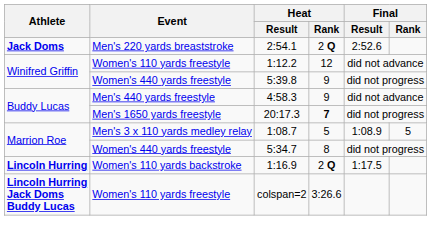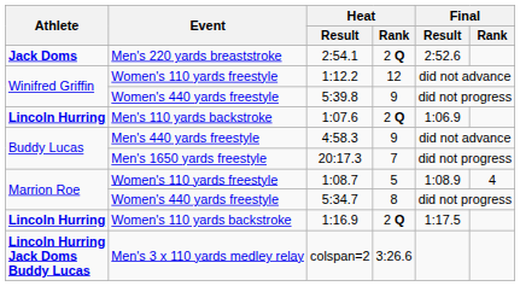 <table class=wikitable style=font-size:90%>
 <tr>
 <th rowspan=2>Athlete</th>
 <th rowspan=2>Event</th>
 <th colspan=2>Heat</th>
 <th colspan=2>Final</th>
 </tr>
 <tr style=font-size:95%>
 <th>Result</th>
 <th>Rank</th>
 <th>Result</th>
 <th>Rank</th>
 </tr>
 <tr align=center>
 <td align=left><strong><a href='#'>Jack Doms</a></strong></td>
 <td align=left><a href='#'>Men's 220 yards breaststroke</a></td>
 <td>2:54.1</td>
 <td>2 <strong>Q</strong></td>
 <td>2:52.6</td>
 <td></td>
 </tr>
 <tr align=center>
 <td align=left rowspan=2><a href='#'>Winifred Griffin</a></td>
 <td align=left><a href='#'>Women's 110 yards freestyle</a></td>
 <td>1:12.2</td>
 <td>12</td>
 <td colspan=2>did not advance</td>
 </tr>
 <tr align=center>
 <td align=left><a href='#'>Women's 440 yards freestyle</a></td>
 <td>5:39.8</td>
 <td>9</td>
 <td colspan=2>did not progress</td>
 </tr>
 <tr align=center>
+<td align=left><strong><a href='#'>Lincoln Hurring</a></strong></td>
+<td align=left><a href='#'>Men's 110 yards backstroke</a></td>
+<td>1:07.6</td>
+<td>2 <strong>Q</strong></td>
+<td>1:06.9</td>
+<td></td>
+</tr>
+<tr align=center>
 <td align=left rowspan=2><a href='#'>Buddy Lucas</a></td>
 <td align=left><a href='#'>Men's 440 yards freestyle</a></td>
 <td>4:58.3</td>
 <td>9</td>
 <td colspan=2>did not advance</td>
 </tr>
 <tr align=center>
 <td align=left><a href='#'>Men's 1650 yards freestyle</a></td>
 <td>20:17.3</td>
-<td><strong>7</strong></td>
+<td>7</td>
 <td colspan=2>did not progress</td>
 </tr>
 <tr align=center>
 <td align=left rowspan=2><a href='#'>Marrion Roe</a></td>
-<td align=left><a href='#'>Men's 3 x 110 yards medley relay</a></td>
+<td align=left><a href='#'>Women's 110 yards freestyle</a></td>
 <td>1:08.7</td>
 <td>5</td>
 <td>1:08.9</td>
-<td>5</td>
+<td>4</td>
 </tr>
 <tr align=center>
 <td align=left><a href='#'>Women's 440 yards freestyle</a></td>
 <td>5:34.7</td>
 <td>8</td>
 <td colspan=2>did not progress</td>
 </tr>
 <tr align=center>
 <td align=left><strong><a href='#'>Lincoln Hurring</a></strong></td>
 <td align=left><a href='#'>Women's 110 yards backstroke</a></td>
 <td>1:16.9</td>
 <td>2 <strong>Q</strong></td>
 <td>1:17.5</td>
 <td></td>
 </tr>
 <tr align=center>
 <td align=left><strong><a href='#'>Lincoln Hurring</a><br><a href='#'>Jack Doms</a><br><a href='#'>Buddy Lucas</a></strong></td>
-<td align=left><a href='#'>Women's 110 yards freestyle</a></td>
+<td align=left><a href='#'>Men's 3 x 110 yards medley relay</a></td>
 <td>colspan=2 </td>
 <td>3:26.6</td>
 <td></td>
 </tr>
 </table>
